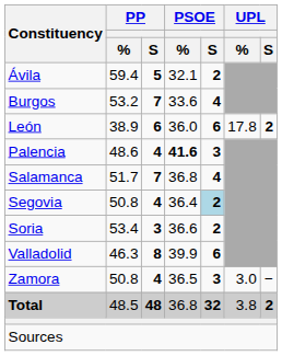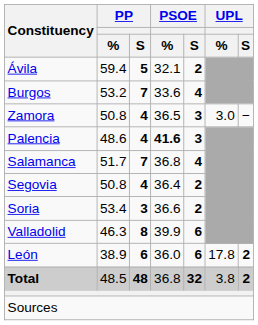 <table class="wikitable sortable" style="text-align:right; line-height:20px;">
 <tr>
 <th rowspan="3">Constituency</th>
 <th colspan="2" width="30px" class="unsortable"><a href='#'>PP</a></th>
 <th colspan="2" width="30px" class="unsortable"><a href='#'>PSOE</a></th>
 <th colspan="2" width="30px" class="unsortable"><a href='#'>UPL</a></th>
 </tr>
 <tr>
 <th colspan="2" style="background:"></th>
 <th colspan="2" style="background:"></th>
 <th colspan="2" style="background:"></th>
 </tr>
 <tr>
 <th data-sort-type="number">%</th>
 <th data-sort-type="number">S</th>
 <th data-sort-type="number">%</th>
 <th data-sort-type="number">S</th>
 <th data-sort-type="number">%</th>
 <th data-sort-type="number">S</th>
 </tr>
 <tr>
 <td align="left"><a href='#'>Ávila</a></td>
 <td style="background:">59.4</td>
 <td><strong>5</strong></td>
 <td>32.1</td>
 <td><strong>2</strong></td>
 <td colspan="2" rowspan="2" bgcolor="#AAAAAA"></td>
 </tr>
 <tr>
 <td align="left"><a href='#'>Burgos</a></td>
 <td style="background:">53.2</td>
 <td><strong>7</strong></td>
 <td>33.6</td>
 <td><strong>4</strong></td>
 </tr>
 <tr>
-<td align="left"><a href='#'>León</a></td>
-<td style="background:">38.9</td>
-<td><strong>6</strong></td>
-<td>36.0</td>
-<td><strong>6</strong></td>
-<td>17.8</td>
-<td><strong>2</strong></td>
+<td align="left"><a href='#'>Zamora</a></td>
+<td style="background:">50.8</td>
+<td><strong>4</strong></td>
+<td>36.5</td>
+<td><strong>3</strong></td>
+<td>3.0</td>
+<td>−</td>
 </tr>
 <tr>
 <td align="left"><a href='#'>Palencia</a></td>
 <td style="background:">48.6</td>
 <td><strong>4</strong></td>
 <td><strong>41.6</strong></td>
 <td><strong>3</strong></td>
 <td colspan="2" rowspan="5" bgcolor="#AAAAAA"></td>
 </tr>
 <tr>
 <td align="left"><a href='#'>Salamanca</a></td>
 <td style="background:">51.7</td>
 <td><strong>7</strong></td>
 <td>36.8</td>
 <td><strong>4</strong></td>
 </tr>
 <tr>
 <td align="left"><a href='#'>Segovia</a></td>
 <td style="background:">50.8</td>
 <td><strong>4</strong></td>
 <td>36.4</td>
-<td style="background: lightblue;"><strong>2</strong></td>
+<td><strong>2</strong></td>
 </tr>
 <tr>
 <td align="left"><a href='#'>Soria</a></td>
 <td style="background:">53.4</td>
 <td><strong>3</strong></td>
 <td>36.6</td>
 <td><strong>2</strong></td>
 </tr>
 <tr>
 <td align="left"><a href='#'>Valladolid</a></td>
 <td style="background:">46.3</td>
 <td><strong>8</strong></td>
 <td>39.9</td>
 <td><strong>6</strong></td>
 </tr>
 <tr>
-<td align="left"><a href='#'>Zamora</a></td>
-<td style="background:">50.8</td>
-<td><strong>4</strong></td>
-<td>36.5</td>
-<td><strong>3</strong></td>
-<td>3.0</td>
-<td>−</td>
+<td align="left"><a href='#'>León</a></td>
+<td style="background:">38.9</td>
+<td><strong>6</strong></td>
+<td>36.0</td>
+<td><strong>6</strong></td>
+<td>17.8</td>
+<td><strong>2</strong></td>
 </tr>
 <tr style="background:#CDCDCD;">
 <td align="left"><strong>Total</strong></td>
 <td style="background:">48.5</td>
 <td><strong>48</strong></td>
 <td>36.8</td>
 <td><strong>32</strong></td>
 <td>3.8</td>
 <td><strong>2</strong></td>
 </tr>
 <tr>
 <th colspan="7"></th>
 </tr>
 <tr>
 <th style="text-align:left; font-weight:normal; background:#F9F9F9" colspan="7">Sources</th>
 </tr>
 </table>
